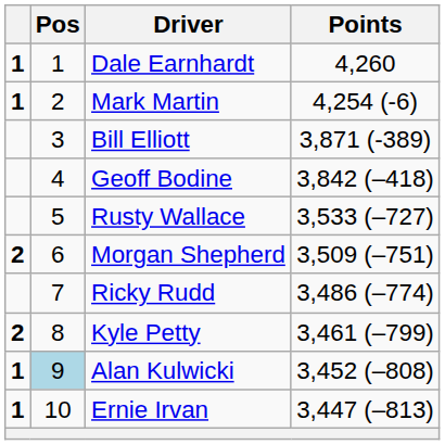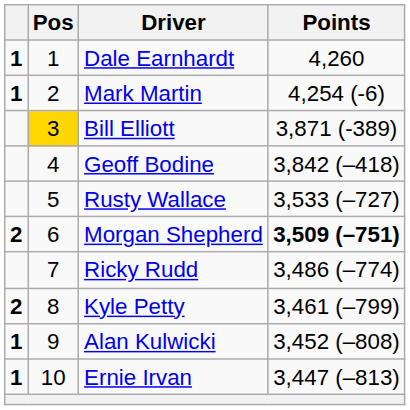 <table class="wikitable" style="font-size: 95%;">
 <tr>
 <th></th>
 <th>Pos</th>
 <th>Driver</th>
 <th>Points</th>
 </tr>
 <tr>
 <td align="left">  <strong>1</strong></td>
 <td style="text-align:center;">1</td>
 <td><a href='#'>Dale Earnhardt</a></td>
 <td style="text-align:center;">4,260</td>
 </tr>
 <tr>
 <td align="left">  <strong>1</strong></td>
 <td style="text-align:center;">2</td>
 <td><a href='#'>Mark Martin</a></td>
 <td style="text-align:center;">4,254 (-6)</td>
 </tr>
 <tr>
 <td align="left"></td>
-<td style="text-align:center;">3</td>
+<td style="background: gold; text-align:center;">3</td>
 <td><a href='#'>Bill Elliott</a></td>
 <td style="text-align:center;">3,871 (-389)</td>
 </tr>
 <tr>
 <td align="left"></td>
 <td style="text-align:center;">4</td>
 <td><a href='#'>Geoff Bodine</a></td>
 <td style="text-align:center;">3,842 (–418)</td>
 </tr>
 <tr>
 <td align="left"></td>
 <td style="text-align:center;">5</td>
 <td><a href='#'>Rusty Wallace</a></td>
 <td style="text-align:center;">3,533 (–727)</td>
 </tr>
 <tr>
 <td align="left">  <strong>2</strong></td>
 <td style="text-align:center;">6</td>
 <td><a href='#'>Morgan Shepherd</a></td>
-<td style="text-align:center;">3,509 (–751)</td>
+<td style="text-align:center;"><strong>3,509 (–751)</strong></td>
 </tr>
 <tr>
 <td align="left"></td>
 <td style="text-align:center;">7</td>
 <td><a href='#'>Ricky Rudd</a></td>
 <td style="text-align:center;">3,486 (–774)</td>
 </tr>
 <tr>
 <td align="left">  <strong>2</strong></td>
 <td style="text-align:center;">8</td>
 <td><a href='#'>Kyle Petty</a></td>
 <td style="text-align:center;">3,461 (–799)</td>
 </tr>
 <tr>
 <td align="left">  <strong>1</strong></td>
-<td style="background: lightblue; text-align:center;">9</td>
+<td style="text-align:center;">9</td>
 <td><a href='#'>Alan Kulwicki</a></td>
 <td style="text-align:center;">3,452 (–808)</td>
 </tr>
 <tr>
 <td align="left">  <strong>1</strong></td>
 <td style="text-align:center;">10</td>
 <td><a href='#'>Ernie Irvan</a></td>
 <td style="text-align:center;">3,447 (–813)</td>
 </tr>
 <tr class="sortbottom">
 <th colspan="9"></th>
 </tr>
 </table>
